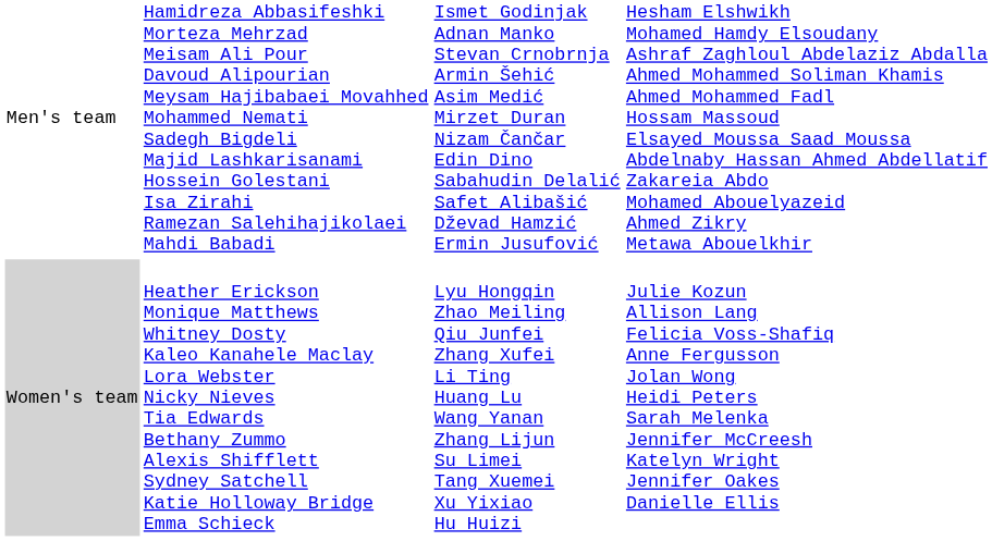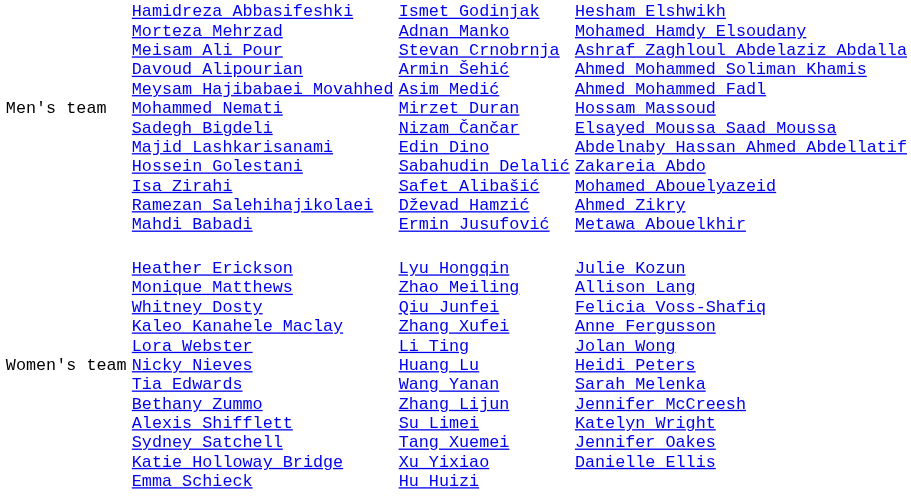 <table>
 <tr>
 <td>Men's team<br></td>
 <td nowrap><br><a href='#'>Hamidreza Abbasifeshki</a><br><a href='#'>Morteza Mehrzad</a><br><a href='#'>Meisam Ali Pour</a><br><a href='#'>Davoud Alipourian</a><br><a href='#'>Meysam Hajibabaei Movahhed</a><br><a href='#'>Mohammed Nemati</a><br><a href='#'>Sadegh Bigdeli</a><br><a href='#'>Majid Lashkarisanami</a><br><a href='#'>Hossein Golestani</a><br><a href='#'>Isa Zirahi</a><br><a href='#'>Ramezan Salehihajikolaei</a><br><a href='#'>Mahdi Babadi</a></td>
 <td nowrap><br><a href='#'>Ismet Godinjak</a><br><a href='#'>Adnan Manko</a><br><a href='#'>Stevan Crnobrnja</a><br><a href='#'>Armin Šehić</a><br><a href='#'>Asim Medić</a><br><a href='#'>Mirzet Duran</a><br><a href='#'>Nizam Čančar</a><br><a href='#'>Edin Dino</a><br><a href='#'>Sabahudin Delalić</a><br><a href='#'>Safet Alibašić</a><br><a href='#'>Dževad Hamzić</a><br><a href='#'>Ermin Jusufović</a></td>
 <td nowrap><br><a href='#'>Hesham Elshwikh</a><br><a href='#'>Mohamed Hamdy Elsoudany</a><br><a href='#'>Ashraf Zaghloul Abdelaziz Abdalla</a><br><a href='#'>Ahmed Mohammed Soliman Khamis</a><br><a href='#'>Ahmed Mohammed Fadl</a><br><a href='#'>Hossam Massoud</a><br><a href='#'>Elsayed Moussa Saad Moussa</a><br><a href='#'>Abdelnaby Hassan Ahmed Abdellatif</a><br><a href='#'>Zakareia Abdo</a><br><a href='#'>Mohamed Abouelyazeid</a><br><a href='#'>Ahmed Zikry</a><br><a href='#'>Metawa Abouelkhir</a></td>
 </tr>
 <tr>
-<td style="background: lightgrey;">Women's team<br></td>
+<td>Women's team<br></td>
 <td><br><a href='#'>Heather Erickson</a><br><a href='#'>Monique Matthews</a><br><a href='#'>Whitney Dosty</a><br><a href='#'>Kaleo Kanahele Maclay</a><br><a href='#'>Lora Webster</a><br><a href='#'>Nicky Nieves</a><br><a href='#'>Tia Edwards</a><br><a href='#'>Bethany Zummo</a><br><a href='#'>Alexis Shifflett</a><br><a href='#'>Sydney Satchell</a><br><a href='#'>Katie Holloway Bridge</a><br><a href='#'>Emma Schieck</a></td>
 <td><br><a href='#'>Lyu Hongqin</a><br><a href='#'>Zhao Meiling</a><br><a href='#'>Qiu Junfei</a><br><a href='#'>Zhang Xufei</a><br><a href='#'>Li Ting</a><br><a href='#'>Huang Lu</a><br><a href='#'>Wang Yanan</a><br><a href='#'>Zhang Lijun</a><br><a href='#'>Su Limei</a><br><a href='#'>Tang Xuemei</a><br><a href='#'>Xu Yixiao</a><br><a href='#'>Hu Huizi</a></td>
 <td valign=top><br><a href='#'>Julie Kozun</a><br><a href='#'>Allison Lang</a><br><a href='#'>Felicia Voss-Shafiq</a><br><a href='#'>Anne Fergusson</a><br><a href='#'>Jolan Wong</a><br><a href='#'>Heidi Peters</a><br><a href='#'>Sarah Melenka</a><br><a href='#'>Jennifer McCreesh</a><br><a href='#'>Katelyn Wright</a><br><a href='#'>Jennifer Oakes</a><br><a href='#'>Danielle Ellis</a></td>
 </tr>
 </table>
